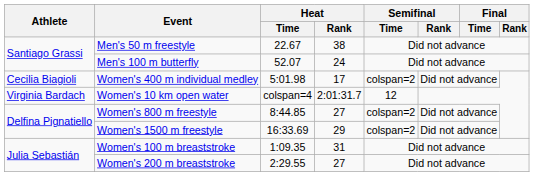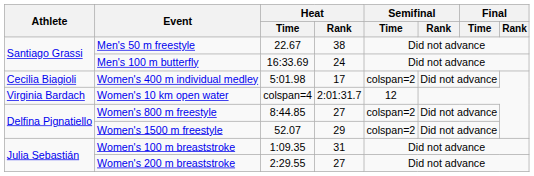 <table class=wikitable style="font-size:90%">
 <tr>
 <th rowspan="2">Athlete</th>
 <th rowspan="2">Event</th>
 <th colspan="2">Heat</th>
 <th colspan="2">Semifinal</th>
 <th colspan="2">Final</th>
 </tr>
 <tr style="font-size:95%">
 <th>Time</th>
 <th>Rank</th>
 <th>Time</th>
 <th>Rank</th>
 <th>Time</th>
 <th>Rank</th>
 </tr>
 <tr align=center>
 <td align=left rowspan=2><a href='#'>Santiago Grassi</a></td>
 <td align=left><a href='#'>Men's 50 m freestyle</a></td>
 <td>22.67</td>
 <td>38</td>
 <td colspan="4">Did not advance</td>
 </tr>
 <tr align=center>
 <td align=left><a href='#'>Men's 100 m butterfly</a></td>
-<td>52.07</td>
+<td>16:33.69</td>
 <td>24</td>
 <td colspan="4">Did not advance</td>
 </tr>
 <tr align=center>
 <td align=left><a href='#'>Cecilia Biagioli</a></td>
 <td align=left><a href='#'>Women's 400 m individual medley</a></td>
 <td>5:01.98</td>
 <td>17</td>
 <td>colspan=2 </td>
 <td colspan="2">Did not advance</td>
 </tr>
 <tr align=center>
 <td align=left><a href='#'>Virginia Bardach</a></td>
 <td align=left><a href='#'>Women's 10 km open water</a></td>
 <td>colspan=4 </td>
 <td>2:01:31.7</td>
 <td>12</td>
 </tr>
 <tr align=center>
 <td align=left rowspan=2><a href='#'>Delfina Pignatiello</a></td>
 <td align=left><a href='#'>Women's 800 m freestyle</a></td>
 <td>8:44.85</td>
 <td>27</td>
 <td>colspan=2 </td>
 <td colspan="2">Did not advance</td>
 </tr>
 <tr align=center>
 <td align=left><a href='#'>Women's 1500 m freestyle</a></td>
-<td>16:33.69</td>
+<td>52.07</td>
 <td>29</td>
 <td>colspan=2 </td>
 <td colspan="2">Did not advance</td>
 </tr>
 <tr align=center>
 <td align=left rowspan=2><a href='#'>Julia Sebastián</a></td>
 <td align=left><a href='#'>Women's 100 m breaststroke</a></td>
 <td>1:09.35</td>
 <td>31</td>
 <td colspan="4">Did not advance</td>
 </tr>
 <tr align=center>
 <td align=left><a href='#'>Women's 200 m breaststroke</a></td>
 <td>2:29.55</td>
 <td>27</td>
 <td colspan="4">Did not advance</td>
 </tr>
 </table>
